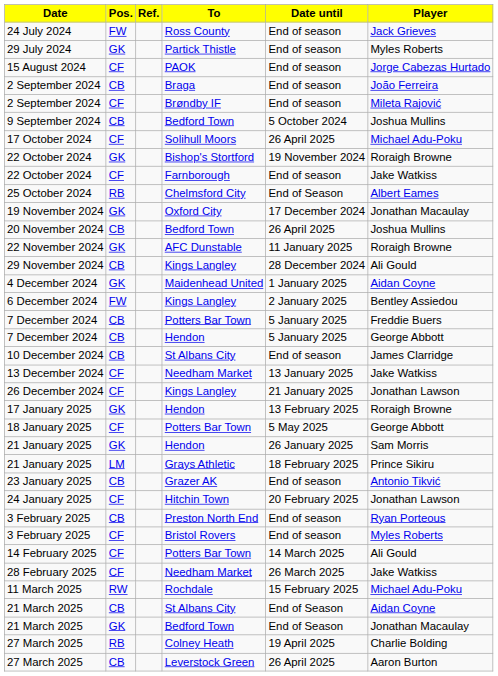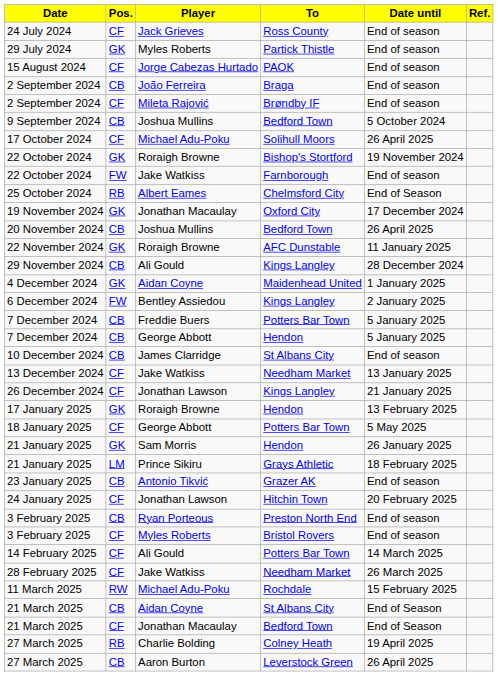 <table class="wikitable plainrowheaders sortable">
 <tr>
 <th style="background:#FFFF00;color:black;">Date</th>
 <th style="background:#FFFF00;color:black;">Pos.</th>
-<th style="background:#FFFF00;color:black;">Ref.</th>
+<th style="background:#FFFF00;color:black;">Player</th>
 <th style="background:#FFFF00;color:black;">To</th>
 <th style="background:#FFFF00;color:black;">Date until</th>
-<th style="background:#FFFF00;color:black;">Player</th>
+<th style="background:#FFFF00;color:black;">Ref.</th>
 </tr>
 <tr>
 <td>24 July 2024</td>
-<td><a href='#'>FW</a></td>
-<td></td>
+<td><a href='#'>CF</a></td>
+<td> <a href='#'>Jack Grieves</a></td>
 <td> <a href='#'>Ross County</a></td>
 <td>End of season</td>
-<td> <a href='#'>Jack Grieves</a></td>
+<td></td>
 </tr>
 <tr>
 <td>29 July 2024</td>
 <td><a href='#'>GK</a></td>
-<td></td>
+<td> Myles Roberts</td>
 <td> <a href='#'>Partick Thistle</a></td>
 <td>End of season</td>
-<td> Myles Roberts</td>
+<td></td>
 </tr>
 <tr>
 <td>15 August 2024</td>
 <td><a href='#'>CF</a></td>
-<td></td>
+<td> <a href='#'>Jorge Cabezas Hurtado</a></td>
 <td> <a href='#'>PAOK</a></td>
 <td>End of season</td>
-<td> <a href='#'>Jorge Cabezas Hurtado</a></td>
+<td></td>
 </tr>
 <tr>
 <td>2 September 2024</td>
 <td><a href='#'>CB</a></td>
-<td></td>
+<td> <a href='#'>João Ferreira</a></td>
 <td> <a href='#'>Braga</a></td>
 <td>End of season</td>
-<td> <a href='#'>João Ferreira</a></td>
+<td></td>
 </tr>
 <tr>
 <td>2 September 2024</td>
 <td><a href='#'>CF</a></td>
-<td></td>
+<td> <a href='#'>Mileta Rajović</a></td>
 <td> <a href='#'>Brøndby IF</a></td>
 <td>End of season</td>
-<td> <a href='#'>Mileta Rajović</a></td>
+<td></td>
 </tr>
 <tr>
 <td>9 September 2024</td>
 <td><a href='#'>CB</a></td>
-<td></td>
+<td> Joshua Mullins</td>
 <td> <a href='#'>Bedford Town</a></td>
 <td>5 October 2024</td>
-<td> Joshua Mullins</td>
+<td></td>
 </tr>
 <tr>
 <td>17 October 2024</td>
 <td><a href='#'>CF</a></td>
-<td></td>
+<td> <a href='#'>Michael Adu-Poku</a></td>
 <td> <a href='#'>Solihull Moors</a></td>
 <td>26 April 2025</td>
-<td> <a href='#'>Michael Adu-Poku</a></td>
+<td></td>
 </tr>
 <tr>
 <td>22 October 2024</td>
 <td><a href='#'>GK</a></td>
-<td></td>
+<td> Roraigh Browne</td>
 <td> <a href='#'>Bishop's Stortford</a></td>
 <td>19 November 2024</td>
-<td> Roraigh Browne</td>
+<td></td>
 </tr>
 <tr>
 <td>22 October 2024</td>
-<td><a href='#'>CF</a></td>
-<td></td>
+<td><a href='#'>FW</a></td>
+<td> Jake Watkiss</td>
 <td> <a href='#'>Farnborough</a></td>
 <td>End of season</td>
-<td> Jake Watkiss</td>
+<td></td>
 </tr>
 <tr>
 <td>25 October 2024</td>
 <td><a href='#'>RB</a></td>
-<td></td>
+<td> <a href='#'>Albert Eames</a></td>
 <td> <a href='#'>Chelmsford City</a></td>
 <td>End of Season</td>
-<td> <a href='#'>Albert Eames</a></td>
+<td></td>
 </tr>
 <tr>
 <td>19 November 2024</td>
 <td><a href='#'>GK</a></td>
-<td></td>
+<td> Jonathan Macaulay</td>
 <td> <a href='#'>Oxford City</a></td>
 <td>17 December 2024</td>
-<td> Jonathan Macaulay</td>
+<td></td>
 </tr>
 <tr>
 <td>20 November 2024</td>
 <td><a href='#'>CB</a></td>
-<td></td>
+<td> Joshua Mullins</td>
 <td> <a href='#'>Bedford Town</a></td>
 <td>26 April 2025</td>
-<td> Joshua Mullins</td>
+<td></td>
 </tr>
 <tr>
 <td>22 November 2024</td>
 <td><a href='#'>GK</a></td>
-<td></td>
+<td> Roraigh Browne</td>
 <td> <a href='#'>AFC Dunstable</a></td>
 <td>11 January 2025</td>
-<td> Roraigh Browne</td>
+<td></td>
 </tr>
 <tr>
 <td>29 November 2024</td>
 <td><a href='#'>CB</a></td>
-<td></td>
+<td> Ali Gould</td>
 <td> <a href='#'>Kings Langley</a></td>
 <td>28 December 2024</td>
-<td> Ali Gould</td>
+<td></td>
 </tr>
 <tr>
 <td>4 December 2024</td>
 <td><a href='#'>GK</a></td>
-<td></td>
+<td> <a href='#'>Aidan Coyne</a></td>
 <td> <a href='#'>Maidenhead United</a></td>
 <td>1 January 2025</td>
-<td> <a href='#'>Aidan Coyne</a></td>
+<td></td>
 </tr>
 <tr>
 <td>6 December 2024</td>
 <td><a href='#'>FW</a></td>
-<td></td>
+<td> Bentley Assiedou</td>
 <td> <a href='#'>Kings Langley</a></td>
 <td>2 January 2025</td>
-<td> Bentley Assiedou</td>
+<td></td>
 </tr>
 <tr>
 <td>7 December 2024</td>
 <td><a href='#'>CB</a></td>
-<td></td>
+<td> Freddie Buers</td>
 <td> <a href='#'>Potters Bar Town</a></td>
 <td>5 January 2025</td>
-<td> Freddie Buers</td>
+<td></td>
 </tr>
 <tr>
 <td>7 December 2024</td>
 <td><a href='#'>CB</a></td>
-<td></td>
+<td> George Abbott</td>
 <td> <a href='#'>Hendon</a></td>
 <td>5 January 2025</td>
-<td> George Abbott</td>
+<td></td>
 </tr>
 <tr>
 <td>10 December 2024</td>
 <td><a href='#'>CB</a></td>
-<td></td>
+<td> James Clarridge</td>
 <td> <a href='#'>St Albans City</a></td>
 <td>End of season</td>
-<td> James Clarridge</td>
+<td></td>
 </tr>
 <tr>
 <td>13 December 2024</td>
 <td><a href='#'>CF</a></td>
-<td></td>
+<td> Jake Watkiss</td>
 <td> <a href='#'>Needham Market</a></td>
 <td>13 January 2025</td>
-<td> Jake Watkiss</td>
+<td></td>
 </tr>
 <tr>
 <td>26 December 2024</td>
 <td><a href='#'>CF</a></td>
-<td></td>
+<td> Jonathan Lawson</td>
 <td> <a href='#'>Kings Langley</a></td>
 <td>21 January 2025</td>
-<td> Jonathan Lawson</td>
+<td></td>
 </tr>
 <tr>
 <td>17 January 2025</td>
 <td><a href='#'>GK</a></td>
-<td></td>
+<td> Roraigh Browne</td>
 <td> <a href='#'>Hendon</a></td>
 <td>13 February 2025</td>
-<td> Roraigh Browne</td>
+<td></td>
 </tr>
 <tr>
 <td>18 January 2025</td>
 <td><a href='#'>CF</a></td>
-<td></td>
+<td> George Abbott</td>
 <td> <a href='#'>Potters Bar Town</a></td>
 <td>5 May 2025</td>
-<td> George Abbott</td>
+<td></td>
 </tr>
 <tr>
 <td>21 January 2025</td>
 <td><a href='#'>GK</a></td>
-<td></td>
+<td> Sam Morris</td>
 <td> <a href='#'>Hendon</a></td>
 <td>26 January 2025</td>
-<td> Sam Morris</td>
+<td></td>
 </tr>
 <tr>
 <td>21 January 2025</td>
 <td><a href='#'>LM</a></td>
-<td></td>
+<td> Prince Sikiru</td>
 <td> <a href='#'>Grays Athletic</a></td>
 <td>18 February 2025</td>
-<td> Prince Sikiru</td>
+<td></td>
 </tr>
 <tr>
 <td>23 January 2025</td>
 <td><a href='#'>CB</a></td>
-<td></td>
+<td> <a href='#'>Antonio Tikvić</a></td>
 <td> <a href='#'>Grazer AK</a></td>
 <td>End of season</td>
-<td> <a href='#'>Antonio Tikvić</a></td>
+<td></td>
 </tr>
 <tr>
 <td>24 January 2025</td>
 <td><a href='#'>CF</a></td>
-<td></td>
+<td> Jonathan Lawson</td>
 <td> <a href='#'>Hitchin Town</a></td>
 <td>20 February 2025</td>
-<td> Jonathan Lawson</td>
+<td></td>
 </tr>
 <tr>
 <td>3 February 2025</td>
 <td><a href='#'>CB</a></td>
-<td></td>
+<td> <a href='#'>Ryan Porteous</a></td>
 <td> <a href='#'>Preston North End</a></td>
 <td>End of season</td>
-<td> <a href='#'>Ryan Porteous</a></td>
+<td></td>
 </tr>
 <tr>
 <td>3 February 2025</td>
 <td><a href='#'>CF</a></td>
-<td></td>
+<td> <a href='#'>Myles Roberts</a></td>
 <td> <a href='#'>Bristol Rovers</a></td>
 <td>End of season</td>
-<td> <a href='#'>Myles Roberts</a></td>
+<td></td>
 </tr>
 <tr>
 <td>14 February 2025</td>
 <td><a href='#'>CF</a></td>
-<td></td>
+<td> Ali Gould</td>
 <td> <a href='#'>Potters Bar Town</a></td>
 <td>14 March 2025</td>
-<td> Ali Gould</td>
+<td></td>
 </tr>
 <tr>
 <td>28 February 2025</td>
 <td><a href='#'>CF</a></td>
-<td></td>
+<td> Jake Watkiss</td>
 <td> <a href='#'>Needham Market</a></td>
 <td>26 March 2025</td>
-<td> Jake Watkiss</td>
+<td></td>
 </tr>
 <tr>
 <td>11 March 2025</td>
 <td><a href='#'>RW</a></td>
-<td></td>
+<td> <a href='#'>Michael Adu-Poku</a></td>
 <td> <a href='#'>Rochdale</a></td>
 <td>15 February 2025</td>
-<td> <a href='#'>Michael Adu-Poku</a></td>
+<td></td>
 </tr>
 <tr>
 <td>21 March 2025</td>
 <td><a href='#'>CB</a></td>
-<td></td>
+<td> <a href='#'>Aidan Coyne</a></td>
 <td> <a href='#'>St Albans City</a></td>
 <td>End of Season</td>
-<td> <a href='#'>Aidan Coyne</a></td>
+<td></td>
 </tr>
 <tr>
 <td>21 March 2025</td>
-<td><a href='#'>GK</a></td>
-<td></td>
+<td><a href='#'>CF</a></td>
+<td> Jonathan Macaulay</td>
 <td> <a href='#'>Bedford Town</a></td>
 <td>End of Season</td>
-<td> Jonathan Macaulay</td>
+<td></td>
 </tr>
 <tr>
 <td>27 March 2025</td>
 <td><a href='#'>RB</a></td>
-<td></td>
+<td> Charlie Bolding</td>
 <td> <a href='#'>Colney Heath</a></td>
 <td>19 April 2025</td>
-<td> Charlie Bolding</td>
+<td></td>
 </tr>
 <tr>
 <td>27 March 2025</td>
 <td><a href='#'>CB</a></td>
-<td></td>
+<td> Aaron Burton</td>
 <td> <a href='#'>Leverstock Green</a></td>
 <td>26 April 2025</td>
-<td> Aaron Burton</td>
+<td></td>
 </tr>
 </table>
